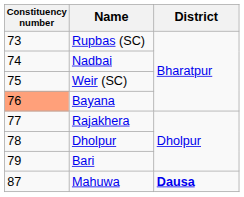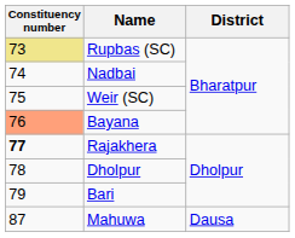 <table class="wikitable sortable">
 <tr>
 <th width="50px" style="font-size:75%">Constituency number</th>
 <th width="100px">Name</th>
 <th width="100px">District</th>
 </tr>
 <tr>
-<td>73</td>
+<td style="background: khaki;">73</td>
 <td><a href='#'>Rupbas</a> (SC)</td>
 <td rowspan="4"><a href='#'>Bharatpur</a></td>
 </tr>
 <tr>
 <td>74</td>
 <td><a href='#'>Nadbai</a></td>
 </tr>
 <tr>
 <td>75</td>
 <td><a href='#'>Weir</a> (SC)</td>
 </tr>
 <tr>
 <td style="background: lightsalmon;">76</td>
 <td><a href='#'>Bayana</a></td>
 </tr>
 <tr>
-<td>77</td>
+<td><strong>77</strong></td>
 <td><a href='#'>Rajakhera</a></td>
 <td rowspan="3"><a href='#'>Dholpur</a></td>
 </tr>
 <tr>
 <td>78</td>
 <td><a href='#'>Dholpur</a></td>
 </tr>
 <tr>
 <td>79</td>
 <td><a href='#'>Bari</a></td>
 </tr>
 <tr>
 <td>87</td>
 <td><a href='#'>Mahuwa</a></td>
-<td><strong><a href='#'>Dausa</a></strong></td>
+<td><a href='#'>Dausa</a></td>
 </tr>
 </table>
